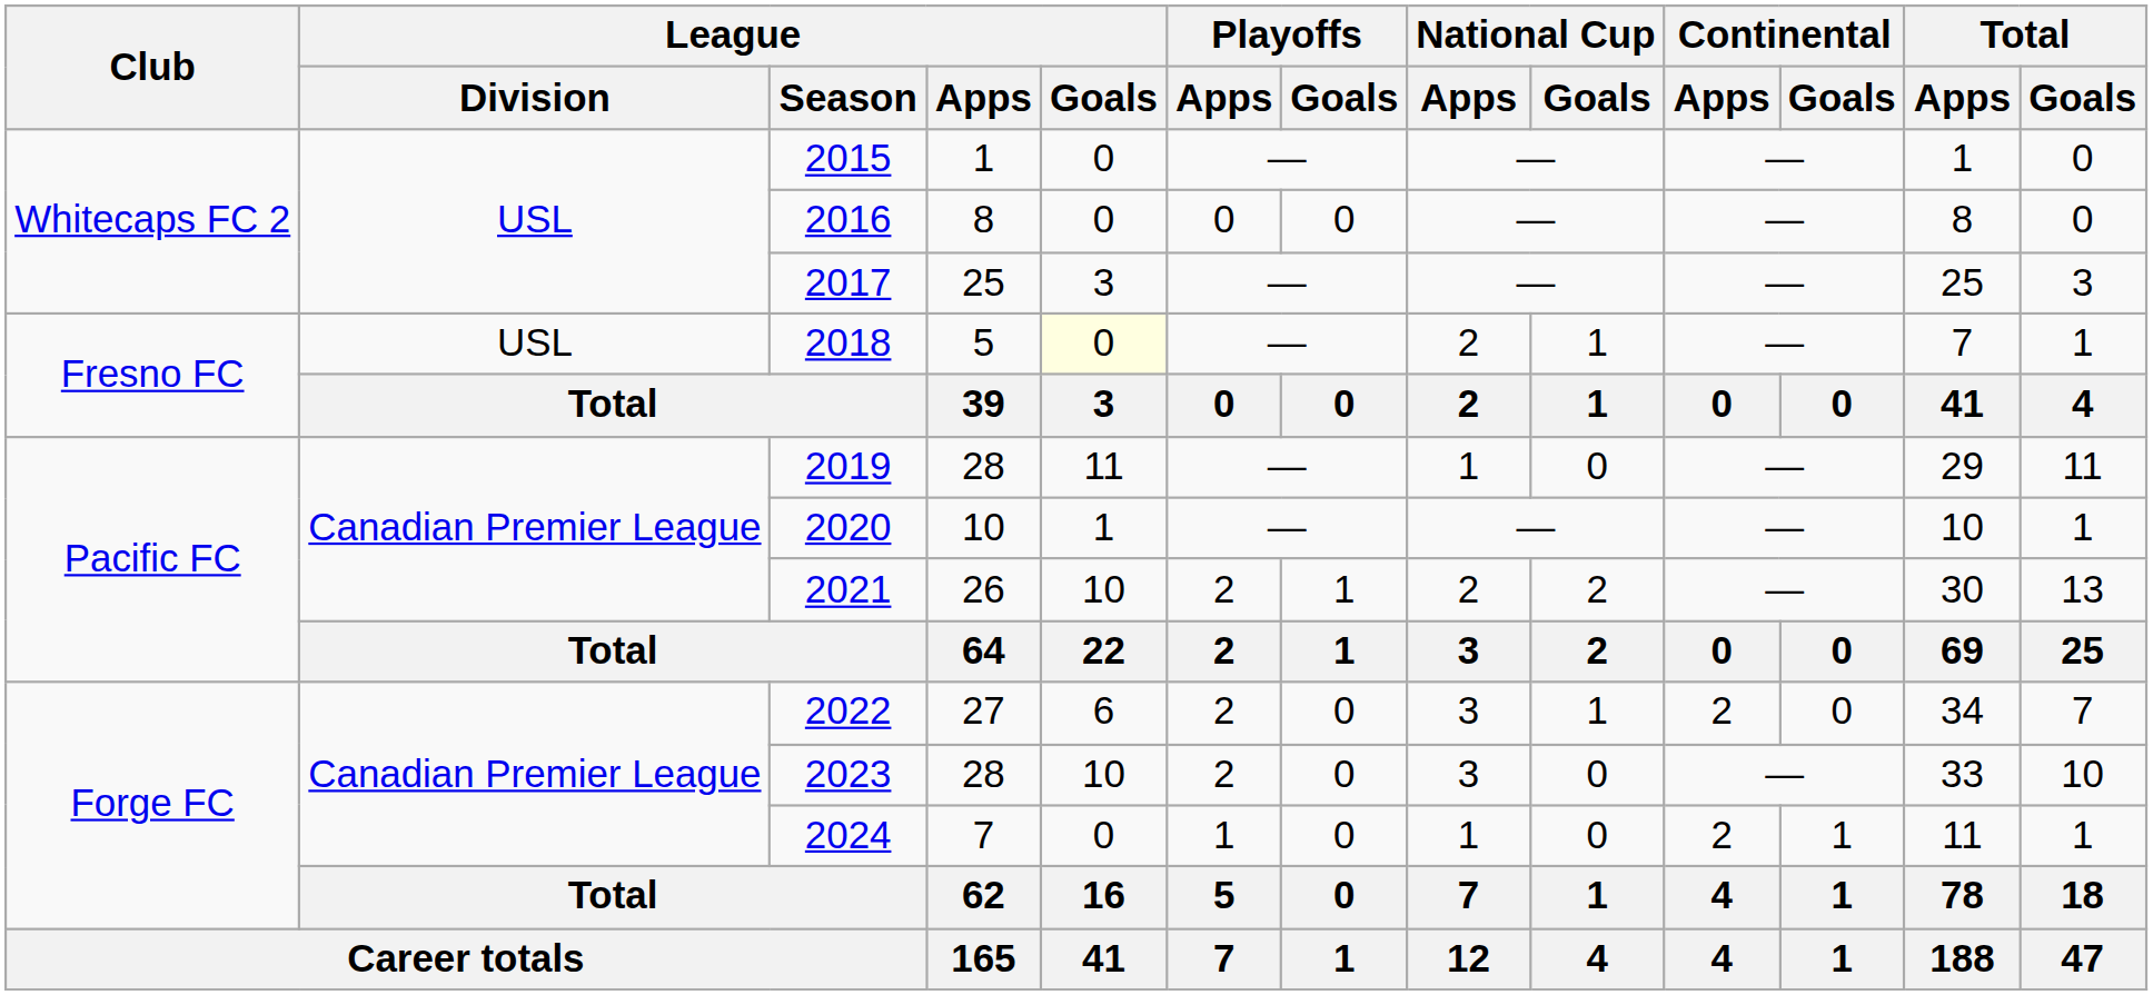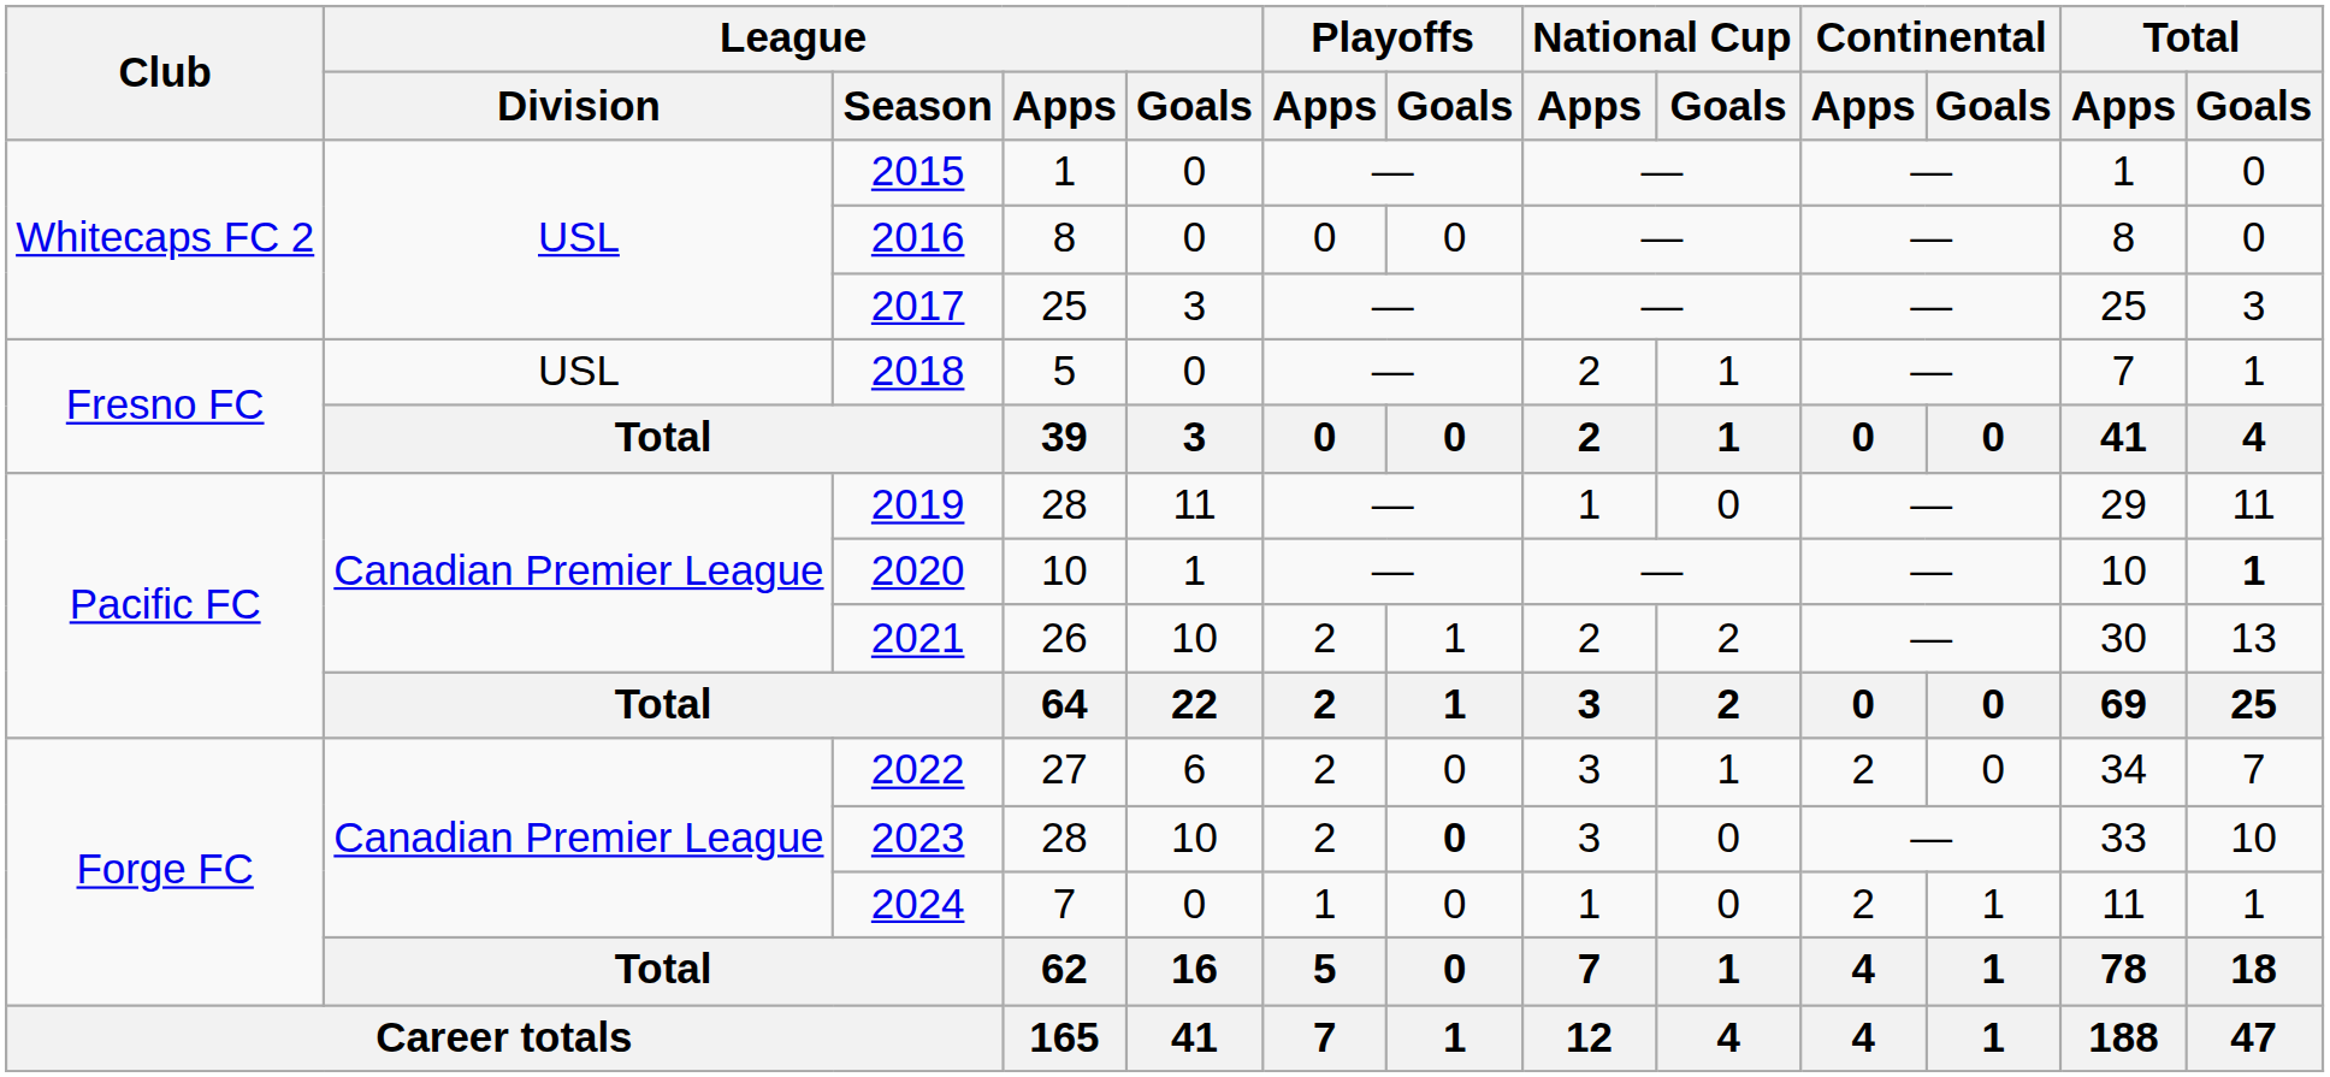 <table class="wikitable" style="text-align: center;">
 <tr>
 <th rowspan="2">Club</th>
 <th colspan="4">League</th>
 <th colspan="2">Playoffs</th>
 <th colspan="2">National Cup</th>
 <th colspan="2">Continental</th>
 <th colspan="2">Total</th>
 </tr>
 <tr>
 <th>Division</th>
 <th>Season</th>
 <th>Apps</th>
 <th>Goals</th>
 <th>Apps</th>
 <th>Goals</th>
 <th>Apps</th>
 <th>Goals</th>
 <th>Apps</th>
 <th>Goals</th>
 <th>Apps</th>
 <th>Goals</th>
 </tr>
 <tr>
 <td rowspan="3"><a href='#'>Whitecaps FC 2</a></td>
 <td rowspan="3"><a href='#'>USL</a></td>
 <td><a href='#'>2015</a></td>
 <td>1</td>
 <td>0</td>
 <td colspan="2">—</td>
 <td colspan="2">—</td>
 <td colspan="2">—</td>
 <td>1</td>
 <td>0</td>
 </tr>
 <tr>
 <td><a href='#'>2016</a></td>
 <td>8</td>
 <td>0</td>
 <td>0</td>
 <td>0</td>
 <td colspan="2">—</td>
 <td colspan="2">—</td>
 <td>8</td>
 <td>0</td>
 </tr>
 <tr>
 <td><a href='#'>2017</a></td>
 <td>25</td>
 <td>3</td>
 <td colspan="2">—</td>
 <td colspan="2">—</td>
 <td colspan="2">—</td>
 <td>25</td>
 <td>3</td>
 </tr>
 <tr>
 <td rowspan="2"><a href='#'>Fresno FC</a></td>
 <td>USL</td>
 <td><a href='#'>2018</a></td>
 <td>5</td>
-<td style="background: lightyellow;">0</td>
+<td>0</td>
 <td colspan="2">—</td>
 <td>2</td>
 <td>1</td>
 <td colspan="2">—</td>
 <td>7</td>
 <td>1</td>
 </tr>
 <tr>
 <th colspan="2">Total</th>
 <th>39</th>
 <th>3</th>
 <th>0</th>
 <th>0</th>
 <th>2</th>
 <th>1</th>
 <th>0</th>
 <th>0</th>
 <th>41</th>
 <th>4</th>
 </tr>
 <tr>
 <td rowspan="4"><a href='#'>Pacific FC</a></td>
 <td rowspan="3"><a href='#'>Canadian Premier League</a></td>
 <td><a href='#'>2019</a></td>
 <td>28</td>
 <td>11</td>
 <td colspan="2">—</td>
 <td>1</td>
 <td>0</td>
 <td colspan="2">—</td>
 <td>29</td>
 <td>11</td>
 </tr>
 <tr>
 <td><a href='#'>2020</a></td>
 <td>10</td>
 <td>1</td>
 <td colspan="2">—</td>
 <td colspan="2">—</td>
 <td colspan="2">—</td>
 <td>10</td>
-<td>1</td>
+<td><strong>1</strong></td>
 </tr>
 <tr>
 <td><a href='#'>2021</a></td>
 <td>26</td>
 <td>10</td>
 <td>2</td>
 <td>1</td>
 <td>2</td>
 <td>2</td>
 <td colspan="2">—</td>
 <td>30</td>
 <td>13</td>
 </tr>
 <tr>
 <th colspan="2">Total</th>
 <th>64</th>
 <th>22</th>
 <th>2</th>
 <th>1</th>
 <th>3</th>
 <th>2</th>
 <th>0</th>
 <th>0</th>
 <th>69</th>
 <th>25</th>
 </tr>
 <tr>
 <td rowspan="4"><a href='#'>Forge FC</a></td>
 <td rowspan="3"><a href='#'>Canadian Premier League</a></td>
 <td><a href='#'>2022</a></td>
 <td>27</td>
 <td>6</td>
 <td>2</td>
 <td>0</td>
 <td>3</td>
 <td>1</td>
 <td>2</td>
 <td>0</td>
 <td>34</td>
 <td>7</td>
 </tr>
 <tr>
 <td><a href='#'>2023</a></td>
 <td>28</td>
 <td>10</td>
 <td>2</td>
-<td>0</td>
+<td><strong>0</strong></td>
 <td>3</td>
 <td>0</td>
 <td colspan="2">—</td>
 <td>33</td>
 <td>10</td>
 </tr>
 <tr>
 <td><a href='#'>2024</a></td>
 <td>7</td>
 <td>0</td>
 <td>1</td>
 <td>0</td>
 <td>1</td>
 <td>0</td>
 <td>2</td>
 <td>1</td>
 <td>11</td>
 <td>1</td>
 </tr>
 <tr>
 <th colspan="2">Total</th>
 <th>62</th>
 <th>16</th>
 <th>5</th>
 <th>0</th>
 <th>7</th>
 <th>1</th>
 <th>4</th>
 <th>1</th>
 <th>78</th>
 <th>18</th>
 </tr>
 <tr>
 <th colspan="3">Career totals</th>
 <th>165</th>
 <th>41</th>
 <th>7</th>
 <th>1</th>
 <th>12</th>
 <th>4</th>
 <th>4</th>
 <th>1</th>
 <th>188</th>
 <th>47</th>
 </tr>
 </table>
